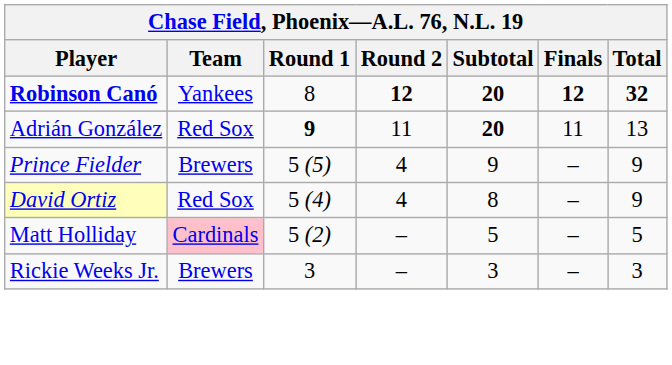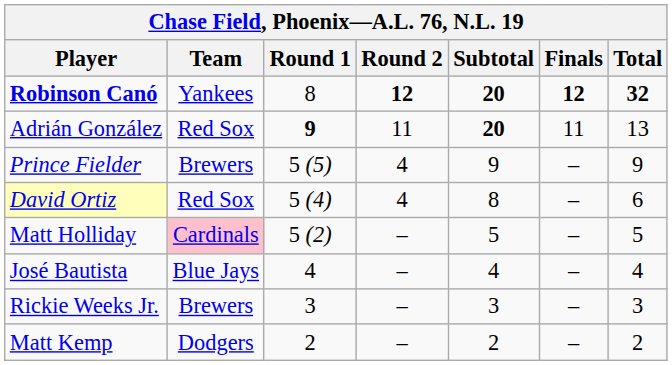 <table class="wikitable" style="text-align:center;">
 <tr>
 <th colspan="7"><a href='#'>Chase Field</a>, Phoenix—A.L. 76, N.L. 19</th>
 </tr>
 <tr>
 <th>Player</th>
 <th>Team</th>
 <th>Round 1</th>
 <th>Round 2</th>
 <th>Subtotal</th>
 <th>Finals</th>
 <th>Total</th>
 </tr>
 <tr>
 <td align="left"><strong><a href='#'>Robinson Canó</a></strong></td>
 <td><a href='#'>Yankees</a></td>
 <td>8</td>
 <td><strong>12</strong></td>
 <td><strong>20</strong></td>
 <td><strong>12</strong></td>
 <td><strong>32</strong></td>
 </tr>
 <tr>
 <td align="left"><a href='#'>Adrián González</a></td>
 <td><a href='#'>Red Sox</a></td>
 <td><strong>9</strong></td>
 <td>11</td>
 <td><strong>20</strong></td>
 <td>11</td>
 <td>13</td>
 </tr>
 <tr>
 <td align="left"><em><a href='#'>Prince Fielder</a></em></td>
 <td><a href='#'>Brewers</a></td>
 <td>5 <em>(5)</em></td>
 <td>4</td>
 <td>9</td>
 <td>–</td>
 <td>9</td>
 </tr>
 <tr>
 <td align="left" style="background:#ffb"><em><a href='#'>David Ortiz</a></em></td>
 <td><a href='#'>Red Sox</a></td>
 <td>5 <em>(4)</em></td>
 <td>4</td>
 <td>8</td>
 <td>–</td>
-<td>9</td>
+<td>6</td>
 </tr>
 <tr>
 <td align="left"><a href='#'>Matt Holliday</a></td>
 <td style="background: pink;"><a href='#'>Cardinals</a></td>
 <td>5 <em>(2)</em></td>
 <td>–</td>
 <td>5</td>
 <td>–</td>
 <td>5</td>
 </tr>
 <tr>
+<td align="left"><a href='#'>José Bautista</a></td>
+<td><a href='#'>Blue Jays</a></td>
+<td>4</td>
+<td>–</td>
+<td>4</td>
+<td>–</td>
+<td>4</td>
+</tr>
+<tr>
 <td align="left"><a href='#'>Rickie Weeks Jr.</a></td>
 <td><a href='#'>Brewers</a></td>
 <td>3</td>
 <td>–</td>
 <td>3</td>
 <td>–</td>
 <td>3</td>
 </tr>
+<tr>
+<td align="left"><a href='#'>Matt Kemp</a></td>
+<td><a href='#'>Dodgers</a></td>
+<td>2</td>
+<td>–</td>
+<td>2</td>
+<td>–</td>
+<td>2</td>
+</tr>
 </table>
